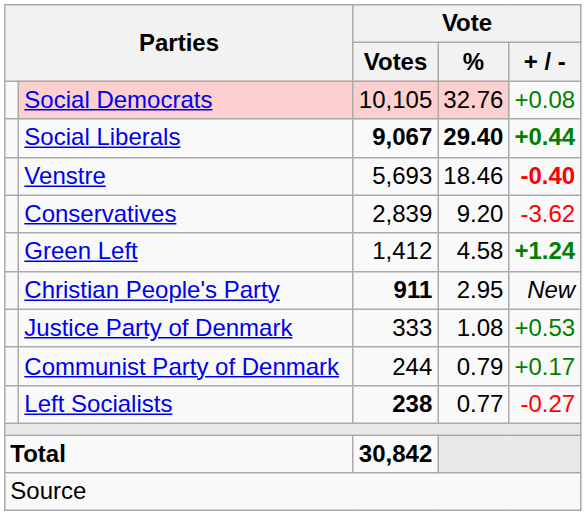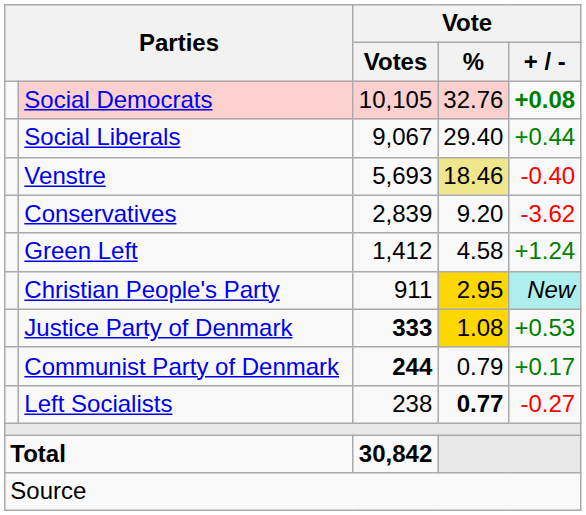 <table class="wikitable" style="text-align:right;">
 <tr>
 <th style="text-align:centre;" rowspan="2" colspan="2" width="225">Parties</th>
 <th colspan="3">Vote</th>
 </tr>
 <tr>
 <th width="15">Votes</th>
 <th width="15">%</th>
 <th width="15">+ / -</th>
 </tr>
 <tr>
 <td width="2" style="color:inherit;background:"></td>
 <td bgcolor=#fbd0ce  align="left"><a href='#'>Social Democrats</a></td>
 <td bgcolor=#fbd0ce>10,105</td>
 <td bgcolor=#fbd0ce>32.76</td>
-<td style=color:green;>+0.08</td>
+<td style=color:green;><strong>+0.08</strong></td>
 </tr>
 <tr>
 <td width="2" style="color:inherit;background:"></td>
 <td align="left"><a href='#'>Social Liberals</a></td>
-<td><strong>9,067</strong></td>
-<td><strong>29.40</strong></td>
-<td style=color:green;><strong>+0.44</strong></td>
+<td>9,067</td>
+<td>29.40</td>
+<td style=color:green;>+0.44</td>
 </tr>
 <tr>
 <td width="2" style="color:inherit;background:"></td>
 <td align="left"><a href='#'>Venstre</a></td>
 <td>5,693</td>
-<td>18.46</td>
-<td style=color:red;><strong>-0.40</strong></td>
+<td style="background: khaki;">18.46</td>
+<td style=color:red;>-0.40</td>
 </tr>
 <tr>
 <td width="2" style="color:inherit;background:"></td>
 <td align="left"><a href='#'>Conservatives</a></td>
 <td>2,839</td>
 <td>9.20</td>
 <td style=color:red;>-3.62</td>
 </tr>
 <tr>
 <td width="2" style="color:inherit;background:"></td>
 <td align="left"><a href='#'>Green Left</a></td>
 <td>1,412</td>
 <td>4.58</td>
-<td style=color:green;><strong>+1.24</strong></td>
+<td style=color:green;>+1.24</td>
 </tr>
 <tr>
 <td width="2" style="color:inherit;background:"></td>
 <td align="left"><a href='#'>Christian People's Party</a></td>
-<td><strong>911</strong></td>
-<td>2.95</td>
-<td><em>New</em></td>
+<td>911</td>
+<td style="background: gold;">2.95</td>
+<td style="background: paleturquoise;"><em>New</em></td>
 </tr>
 <tr>
 <td width="2" style="color:inherit;background:"></td>
 <td align="left"><a href='#'>Justice Party of Denmark</a></td>
-<td>333</td>
-<td>1.08</td>
+<td><strong>333</strong></td>
+<td style="background: gold;">1.08</td>
 <td style=color:green;>+0.53</td>
 </tr>
 <tr>
 <td width="2" style="color:inherit;background:"></td>
 <td align="left"><a href='#'>Communist Party of Denmark</a></td>
-<td>244</td>
+<td><strong>244</strong></td>
 <td>0.79</td>
 <td style=color:green;>+0.17</td>
 </tr>
 <tr>
 <td width="2" style="color:inherit;background:"></td>
 <td align="left"><a href='#'>Left Socialists</a></td>
-<td><strong>238</strong></td>
-<td>0.77</td>
+<td>238</td>
+<td><strong>0.77</strong></td>
 <td style=color:red;>-0.27</td>
 </tr>
 <tr>
 <td colspan="7" bgcolor="#E9E9E9"></td>
 </tr>
 <tr>
 <td align="left" colspan="2"><strong>Total</strong></td>
 <td><strong>30,842</strong></td>
 <td bgcolor="#E9E9E9" colspan="2"></td>
 </tr>
 <tr>
 <td align="left" colspan="6">Source</td>
 </tr>
 </table>
